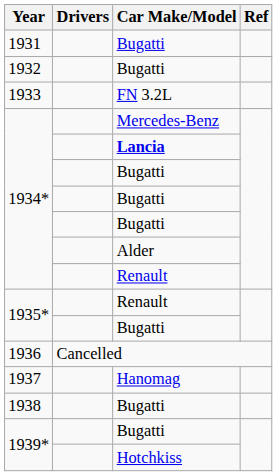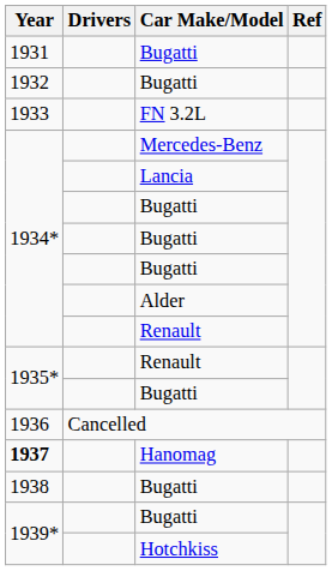 <table class="wikitable">
 <tr>
 <th>Year</th>
 <th>Drivers</th>
 <th>Car Make/Model</th>
 <th>Ref</th>
 </tr>
 <tr>
 <td>1931</td>
 <td> </td>
 <td><a href='#'>Bugatti</a></td>
 <td></td>
 </tr>
 <tr>
 <td>1932</td>
 <td> </td>
 <td>Bugatti</td>
 <td></td>
 </tr>
 <tr>
 <td>1933</td>
 <td> </td>
 <td><a href='#'>FN</a> 3.2L</td>
 <td></td>
 </tr>
 <tr>
 <td rowspan="7">1934*</td>
 <td> </td>
 <td><a href='#'>Mercedes-Benz</a></td>
 <td rowspan="7"></td>
 </tr>
 <tr>
 <td> </td>
-<td><strong><a href='#'>Lancia</a></strong></td>
+<td><a href='#'>Lancia</a></td>
 </tr>
 <tr>
 <td> </td>
 <td>Bugatti</td>
 </tr>
 <tr>
 <td></td>
 <td>Bugatti</td>
 </tr>
 <tr>
 <td> </td>
 <td>Bugatti</td>
 </tr>
 <tr>
 <td> </td>
 <td>Alder</td>
 </tr>
 <tr>
 <td> </td>
 <td><a href='#'>Renault</a></td>
 </tr>
 <tr>
 <td rowspan="2">1935*</td>
 <td> </td>
 <td>Renault</td>
 <td rowspan="2"></td>
 </tr>
 <tr>
 <td> </td>
 <td>Bugatti</td>
 </tr>
 <tr>
 <td>1936</td>
 <td colspan="3">Cancelled</td>
 </tr>
 <tr>
-<td>1937</td>
+<td><strong>1937</strong></td>
 <td> </td>
 <td><a href='#'>Hanomag</a></td>
 <td></td>
 </tr>
 <tr>
 <td>1938</td>
 <td> </td>
 <td>Bugatti</td>
 <td></td>
 </tr>
 <tr>
 <td rowspan="2">1939*</td>
 <td> </td>
 <td>Bugatti</td>
 <td rowspan="2"></td>
 </tr>
 <tr>
 <td> </td>
 <td><a href='#'>Hotchkiss</a></td>
 </tr>
 </table>
